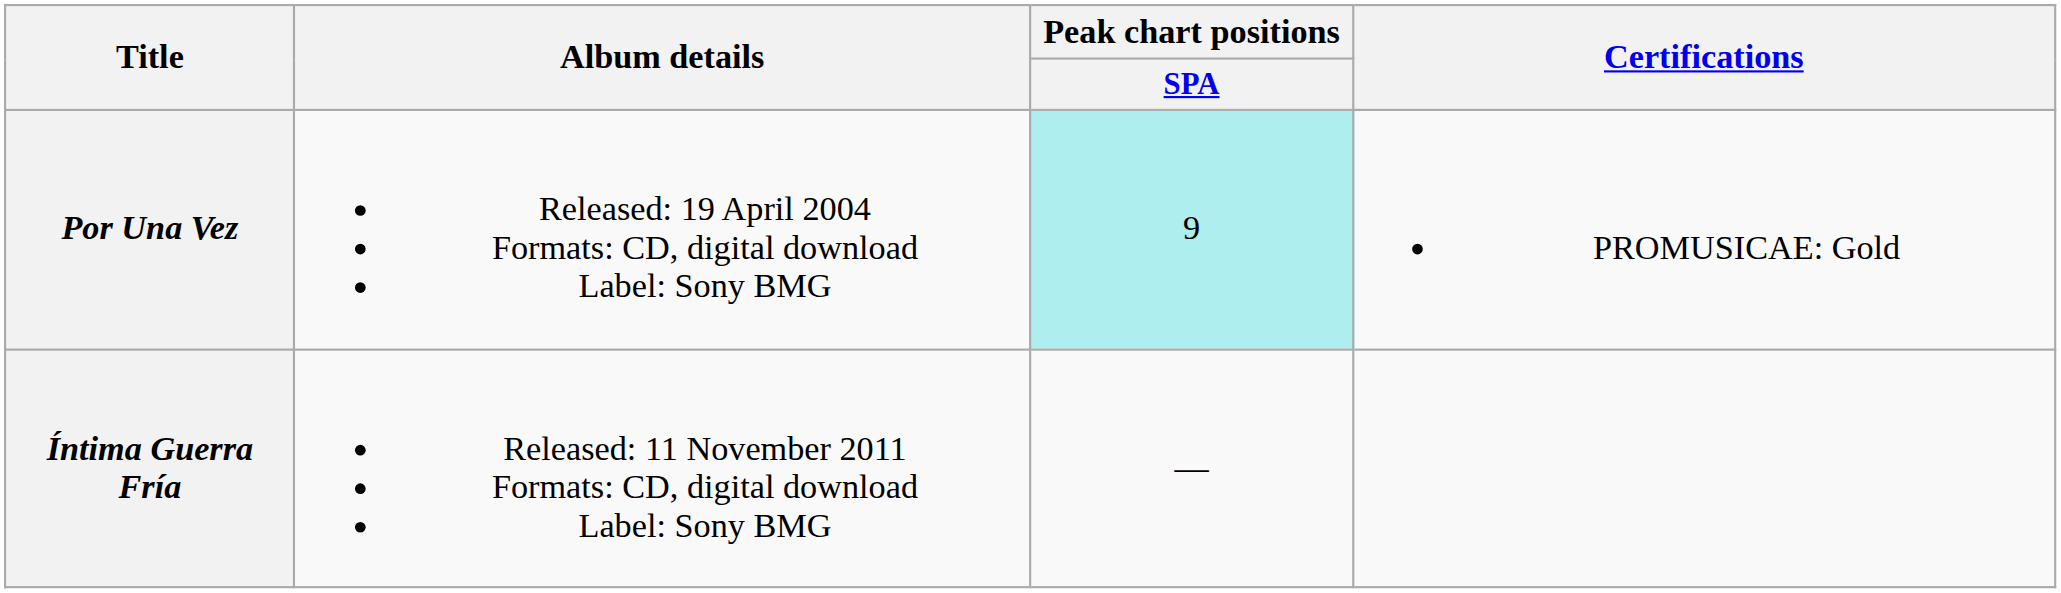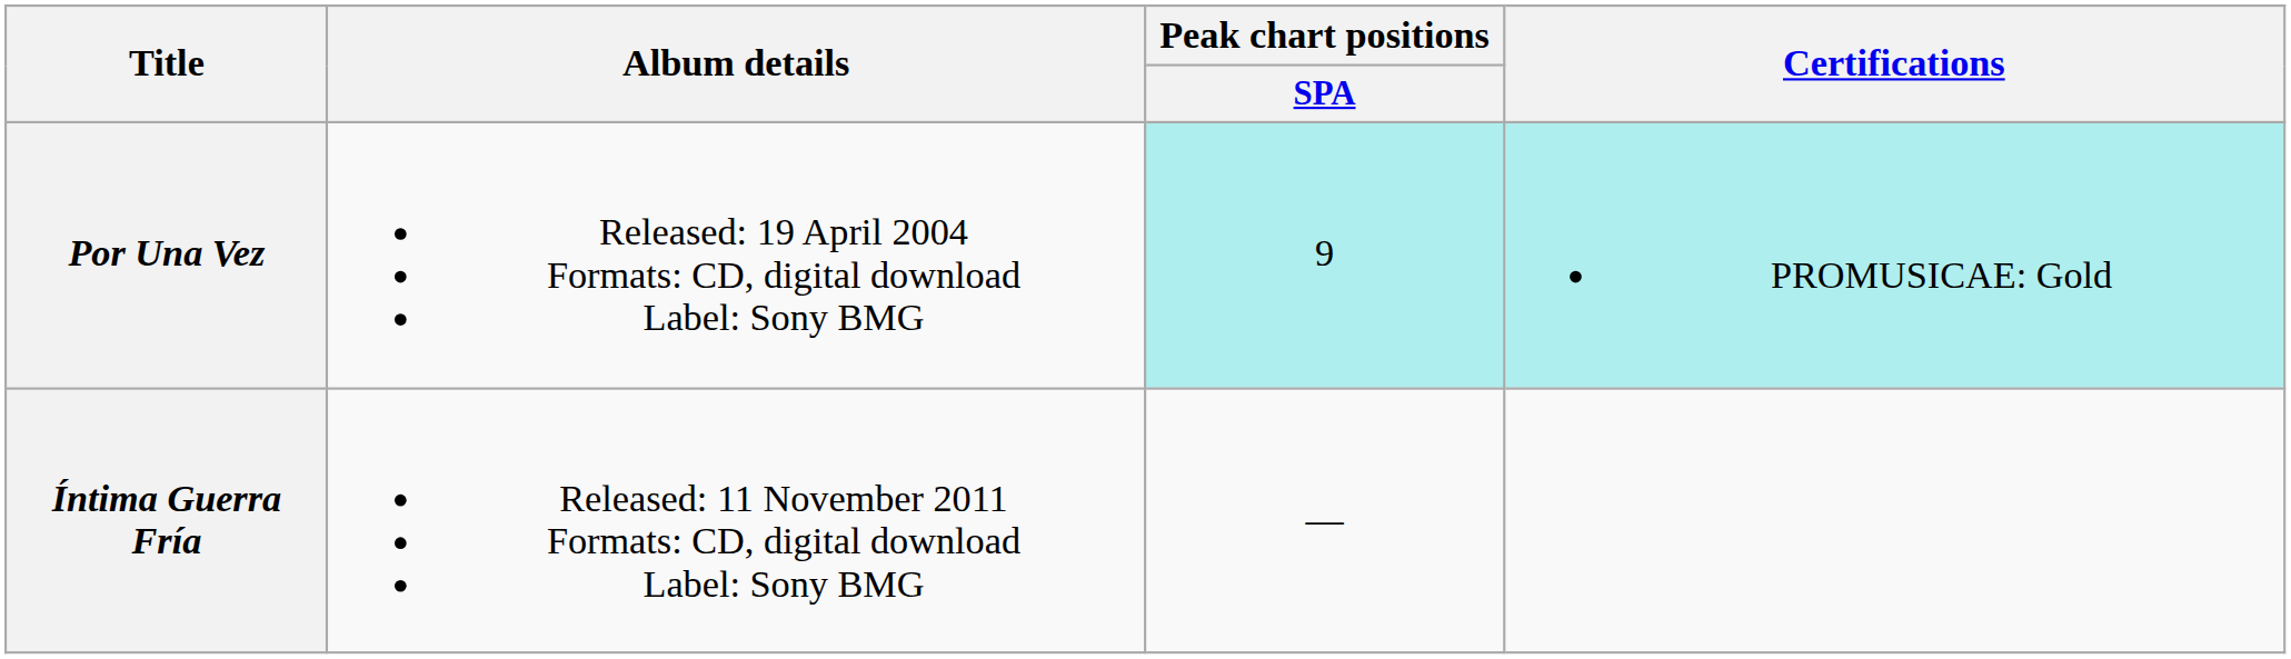 <table class="wikitable plainrowheaders" style="text-align:center;">
 <tr>
 <th scope="col" rowspan="2" style="width:8em;">Title</th>
 <th scope="col" rowspan="2" style="width:21em;">Album details</th>
 <th scope="col" colspan="1"style="width:9em;">Peak chart positions</th>
 <th scope="col" rowspan="2" style="width:20em;"><a href='#'>Certifications</a></th>
 </tr>
 <tr>
 <th scope="col" style="width:2.5em;font-size:90%;"><a href='#'>SPA</a></th>
 </tr>
 <tr>
 <th scope="row"><em>Por Una Vez</em></th>
 <td><br><ul><li>Released: 19 April 2004</li><li>Formats: CD, digital download</li><li>Label: Sony BMG</li></ul></td>
 <td style="background: paleturquoise;">9</td>
-<td><br><ul><li>PROMUSICAE: Gold</li></ul></td>
+<td style="background: paleturquoise;"><br><ul><li>PROMUSICAE: Gold</li></ul></td>
 </tr>
 <tr>
 <th scope="row"><em>Íntima Guerra Fría</em></th>
 <td><br><ul><li>Released: 11 November 2011</li><li>Formats: CD, digital download</li><li>Label: Sony BMG</li></ul></td>
 <td>—</td>
 <td></td>
 </tr>
 </table>
